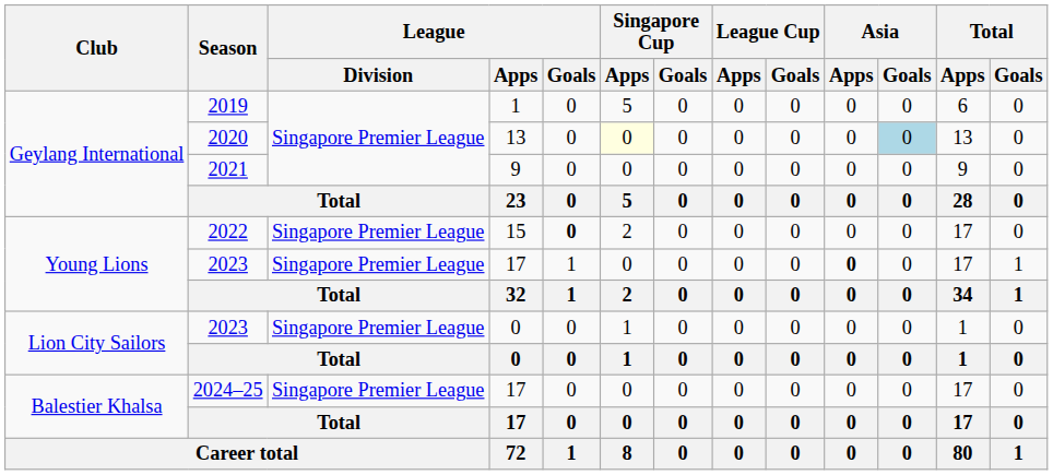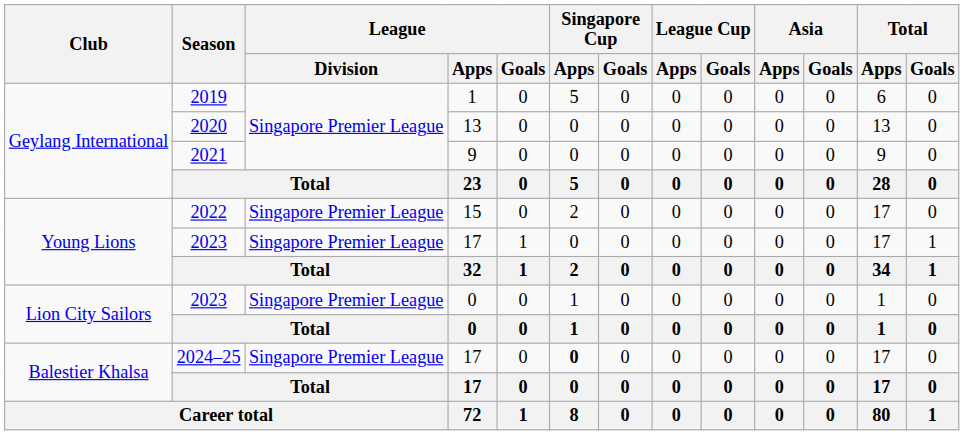 <table class="wikitable" style="text-align: center">
 <tr>
 <th rowspan="2">Club</th>
 <th rowspan="2">Season</th>
 <th colspan="3">League</th>
 <th colspan="2">Singapore <br> Cup</th>
 <th colspan="2">League Cup</th>
 <th colspan="2">Asia</th>
 <th colspan="2">Total</th>
 </tr>
 <tr>
 <th>Division</th>
 <th>Apps</th>
 <th>Goals</th>
 <th>Apps</th>
 <th>Goals</th>
 <th>Apps</th>
 <th>Goals</th>
 <th>Apps</th>
 <th>Goals</th>
 <th>Apps</th>
 <th>Goals</th>
 </tr>
 <tr>
 <td rowspan="4"><a href='#'>Geylang International</a></td>
 <td><a href='#'>2019</a></td>
 <td rowspan="3"><a href='#'>Singapore Premier League</a></td>
 <td>1</td>
 <td>0</td>
 <td>5</td>
 <td>0</td>
 <td>0</td>
 <td>0</td>
 <td>0</td>
 <td>0</td>
 <td>6</td>
 <td>0</td>
 </tr>
 <tr>
 <td><a href='#'>2020</a></td>
 <td>13</td>
 <td>0</td>
-<td style="background: lightyellow;">0</td>
 <td>0</td>
 <td>0</td>
 <td>0</td>
 <td>0</td>
-<td style="background: lightblue;">0</td>
+<td>0</td>
+<td>0</td>
 <td>13</td>
 <td>0</td>
 </tr>
 <tr>
 <td><a href='#'>2021</a></td>
 <td>9</td>
 <td>0</td>
 <td>0</td>
 <td>0</td>
 <td>0</td>
 <td>0</td>
 <td>0</td>
 <td>0</td>
 <td>9</td>
 <td>0</td>
 </tr>
 <tr>
 <th colspan=2>Total</th>
 <th>23</th>
 <th>0</th>
 <th>5</th>
 <th>0</th>
 <th>0</th>
 <th>0</th>
 <th>0</th>
 <th>0</th>
 <th>28</th>
 <th>0</th>
 </tr>
 <tr>
 <td rowspan="3"><a href='#'>Young Lions</a></td>
 <td><a href='#'>2022</a></td>
 <td><a href='#'>Singapore Premier League</a></td>
 <td>15</td>
-<td><strong>0</strong></td>
+<td>0</td>
 <td>2</td>
 <td>0</td>
 <td>0</td>
 <td>0</td>
 <td>0</td>
 <td>0</td>
 <td>17</td>
 <td>0</td>
 </tr>
 <tr>
 <td><a href='#'>2023</a></td>
 <td><a href='#'>Singapore Premier League</a></td>
 <td>17</td>
 <td>1</td>
 <td>0</td>
 <td>0</td>
 <td>0</td>
 <td>0</td>
-<td><strong>0</strong></td>
+<td>0</td>
 <td>0</td>
 <td>17</td>
 <td>1</td>
 </tr>
 <tr>
 <th colspan=2>Total</th>
 <th>32</th>
 <th>1</th>
 <th>2</th>
 <th>0</th>
 <th>0</th>
 <th>0</th>
 <th>0</th>
 <th>0</th>
 <th>34</th>
 <th>1</th>
 </tr>
 <tr>
 <td rowspan="2"><a href='#'>Lion City Sailors</a></td>
 <td><a href='#'>2023</a></td>
 <td><a href='#'>Singapore Premier League</a></td>
 <td>0</td>
 <td>0</td>
 <td>1</td>
 <td>0</td>
 <td>0</td>
 <td>0</td>
 <td>0</td>
 <td>0</td>
 <td>1</td>
 <td>0</td>
 </tr>
 <tr>
 <th colspan=2>Total</th>
 <th>0</th>
 <th>0</th>
 <th>1</th>
 <th>0</th>
 <th>0</th>
 <th>0</th>
 <th>0</th>
 <th>0</th>
 <th>1</th>
 <th>0</th>
 </tr>
 <tr>
 <td rowspan="2"><a href='#'>Balestier Khalsa</a></td>
 <td><a href='#'>2024–25</a></td>
 <td><a href='#'>Singapore Premier League</a></td>
 <td>17</td>
 <td>0</td>
-<td>0</td>
+<td><strong>0</strong></td>
 <td>0</td>
 <td>0</td>
 <td>0</td>
 <td>0</td>
 <td>0</td>
 <td>17</td>
 <td>0</td>
 </tr>
 <tr>
 <th colspan=2>Total</th>
 <th>17</th>
 <th>0</th>
 <th>0</th>
 <th>0</th>
 <th>0</th>
 <th>0</th>
 <th>0</th>
 <th>0</th>
 <th>17</th>
 <th>0</th>
 </tr>
 <tr>
 <th colspan=3>Career total</th>
 <th>72</th>
 <th>1</th>
 <th>8</th>
 <th>0</th>
 <th>0</th>
 <th>0</th>
 <th>0</th>
 <th>0</th>
 <th>80</th>
 <th>1</th>
 </tr>
 </table>
